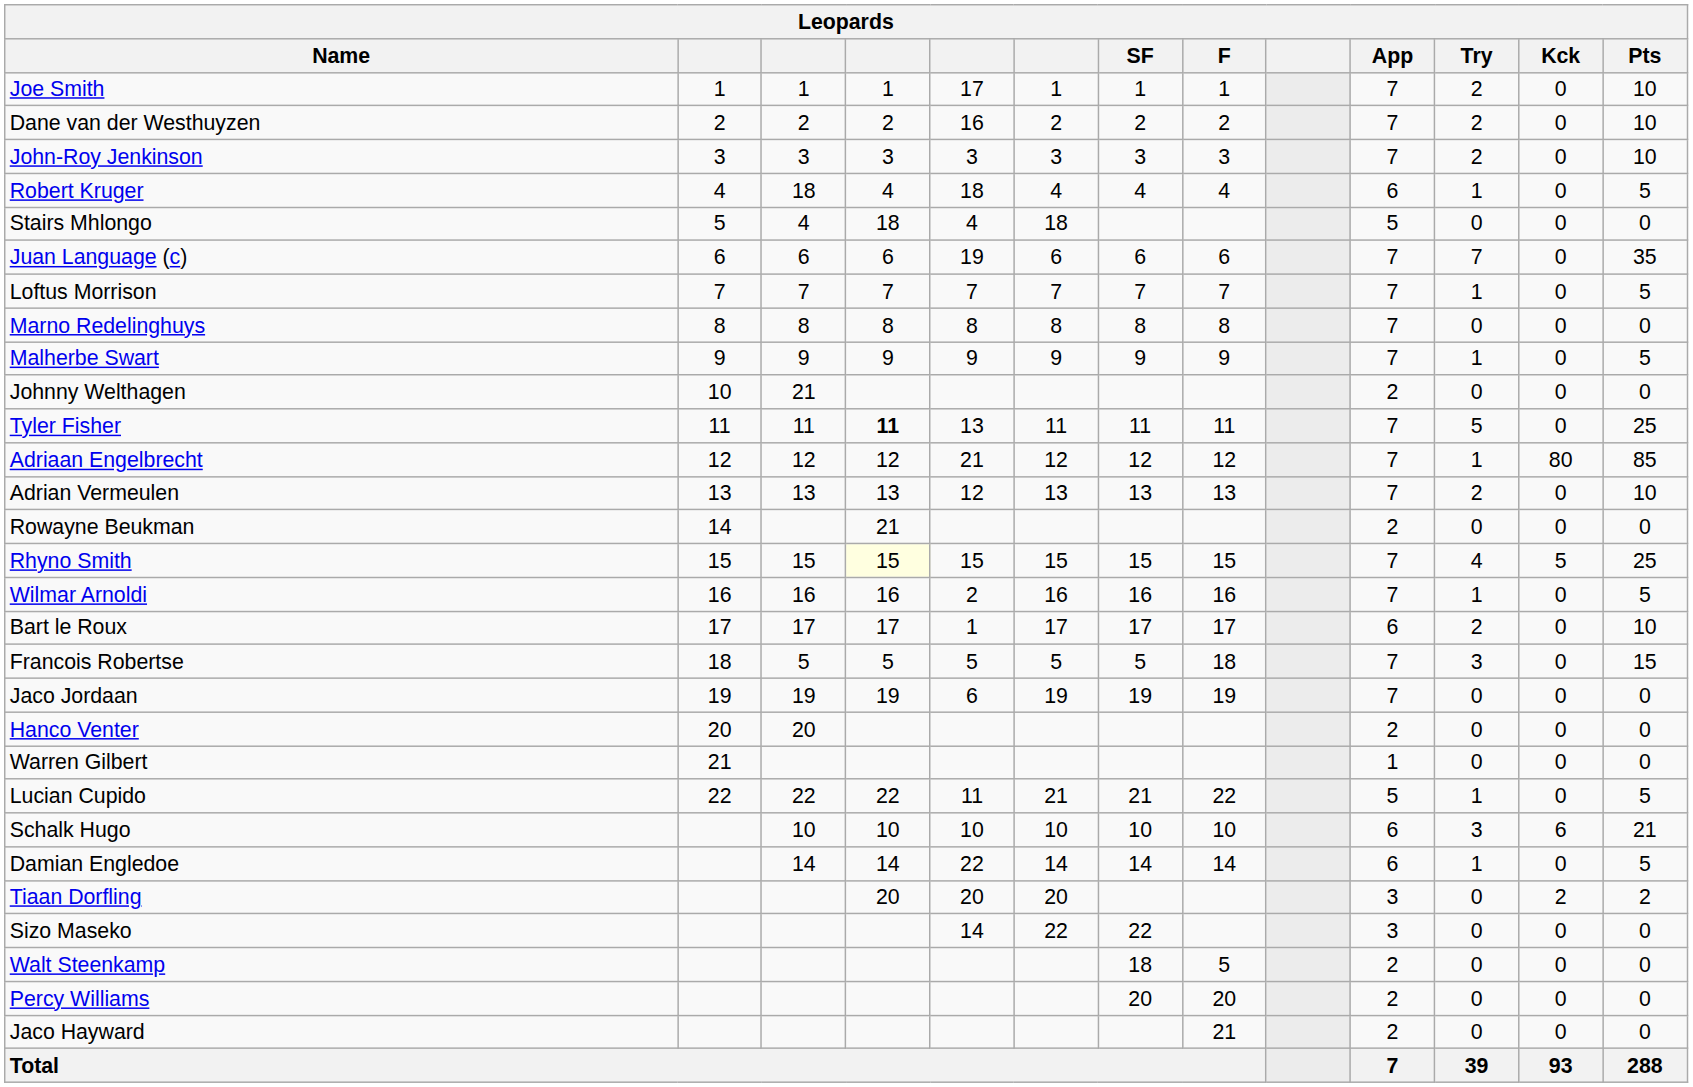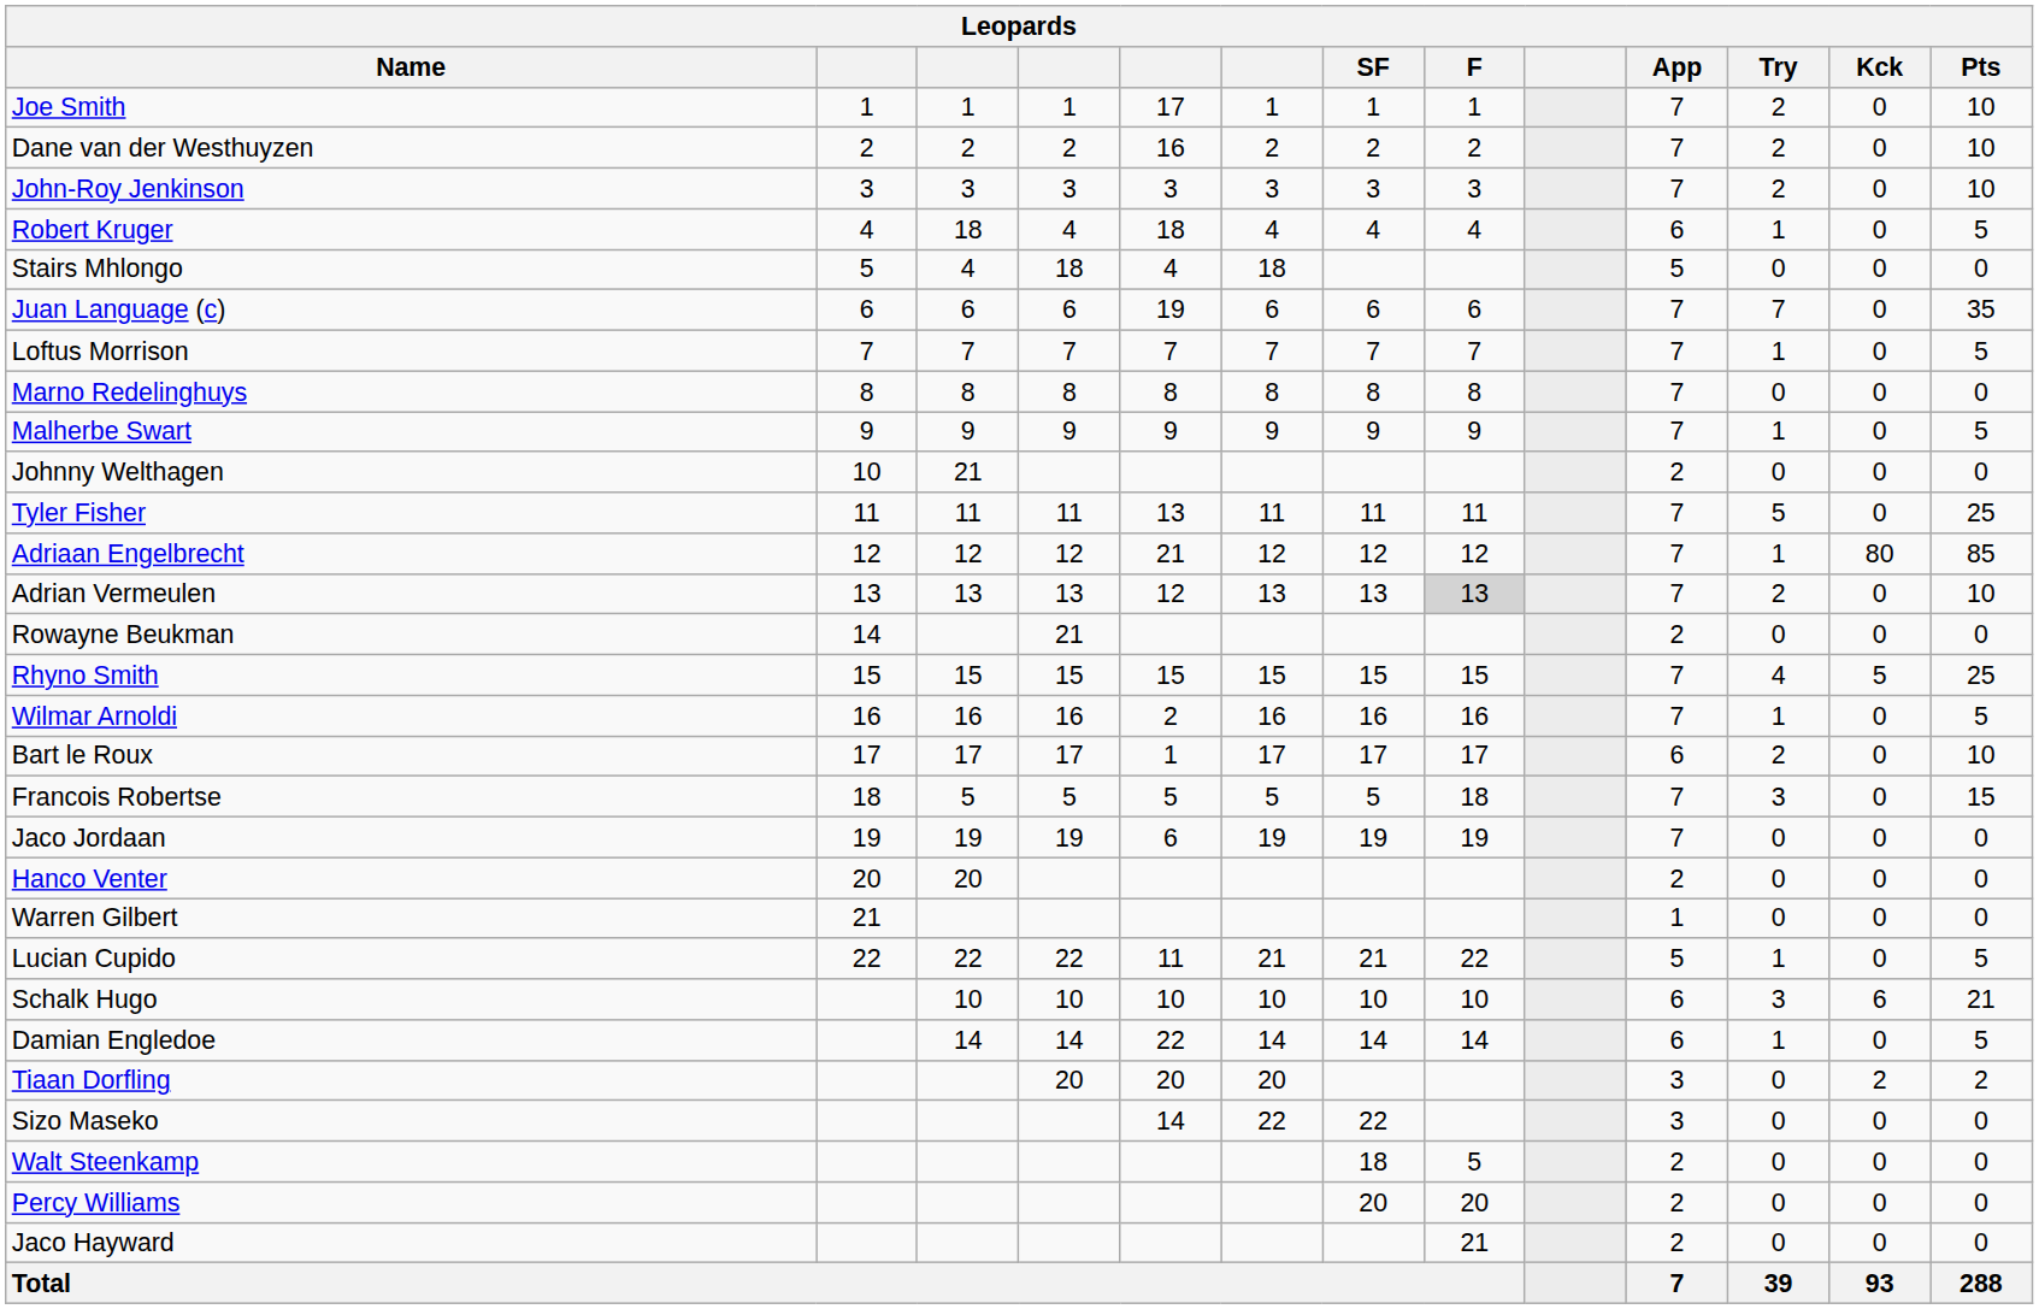 <table class="wikitable collapsible collapsed sortable" style="text-align:center; font-size:90%; width:90%">
 <tr>
 <th colspan="100%">Leopards</th>
 </tr>
 <tr>
 <th style="width:40%;">Name</th>
 <th style="width:5%;"></th>
 <th style="width:5%;"></th>
 <th style="width:5%;"></th>
 <th style="width:5%;"></th>
 <th style="width:5%;"></th>
 <th style="width:5%;">SF</th>
 <th style="width:5%;">F</th>
 <th style="width:5%;"></th>
 <th style="width:5%;">App</th>
 <th style="width:5%;">Try</th>
 <th style="width:5%;">Kck</th>
 <th style="width:5%;">Pts</th>
 </tr>
 <tr>
 <td style="text-align:left;"><a href='#'>Joe Smith</a></td>
 <td>1</td>
 <td>1</td>
 <td>1</td>
 <td>17 </td>
 <td>1</td>
 <td>1</td>
 <td>1</td>
 <td style="background:#ECECEC;"></td>
 <td>7</td>
 <td>2</td>
 <td>0</td>
 <td>10</td>
 </tr>
 <tr>
 <td style="text-align:left;">Dane van der Westhuyzen</td>
 <td>2</td>
 <td>2</td>
 <td>2</td>
 <td>16 </td>
 <td>2</td>
 <td>2</td>
 <td>2</td>
 <td style="background:#ECECEC;"></td>
 <td>7</td>
 <td>2</td>
 <td>0</td>
 <td>10</td>
 </tr>
 <tr>
 <td style="text-align:left;"><a href='#'>John-Roy Jenkinson</a></td>
 <td>3</td>
 <td>3</td>
 <td>3</td>
 <td>3</td>
 <td>3</td>
 <td>3</td>
 <td>3</td>
 <td style="background:#ECECEC;"></td>
 <td>7</td>
 <td>2</td>
 <td>0</td>
 <td>10</td>
 </tr>
 <tr>
 <td style="text-align:left;"><a href='#'>Robert Kruger</a></td>
 <td>4</td>
 <td>18</td>
 <td>4</td>
 <td>18 </td>
 <td>4</td>
 <td>4</td>
 <td>4</td>
 <td style="background:#ECECEC;"></td>
 <td>6</td>
 <td>1</td>
 <td>0</td>
 <td>5</td>
 </tr>
 <tr>
 <td style="text-align:left;">Stairs Mhlongo</td>
 <td>5</td>
 <td>4</td>
 <td>18 </td>
 <td>4</td>
 <td>18 </td>
 <td></td>
 <td></td>
 <td style="background:#ECECEC;"></td>
 <td>5</td>
 <td>0</td>
 <td>0</td>
 <td>0</td>
 </tr>
 <tr>
 <td style="text-align:left;"><a href='#'>Juan Language</a> (<a href='#'>c</a>)</td>
 <td>6</td>
 <td>6</td>
 <td>6</td>
 <td>19 </td>
 <td>6</td>
 <td>6</td>
 <td>6</td>
 <td style="background:#ECECEC;"></td>
 <td>7</td>
 <td>7</td>
 <td>0</td>
 <td>35</td>
 </tr>
 <tr>
 <td style="text-align:left;">Loftus Morrison</td>
 <td>7</td>
 <td>7</td>
 <td>7</td>
 <td>7</td>
 <td>7</td>
 <td>7</td>
 <td>7</td>
 <td style="background:#ECECEC;"></td>
 <td>7</td>
 <td>1</td>
 <td>0</td>
 <td>5</td>
 </tr>
 <tr>
 <td style="text-align:left;"><a href='#'>Marno Redelinghuys</a></td>
 <td>8</td>
 <td>8</td>
 <td>8</td>
 <td>8</td>
 <td>8</td>
 <td>8</td>
 <td>8</td>
 <td style="background:#ECECEC;"></td>
 <td>7</td>
 <td>0</td>
 <td>0</td>
 <td>0</td>
 </tr>
 <tr>
 <td style="text-align:left;"><a href='#'>Malherbe Swart</a></td>
 <td>9</td>
 <td>9</td>
 <td>9</td>
 <td>9</td>
 <td>9</td>
 <td>9</td>
 <td>9</td>
 <td style="background:#ECECEC;"></td>
 <td>7</td>
 <td>1</td>
 <td>0</td>
 <td>5</td>
 </tr>
 <tr>
 <td style="text-align:left;">Johnny Welthagen</td>
 <td>10</td>
 <td>21 </td>
 <td></td>
 <td></td>
 <td></td>
 <td></td>
 <td></td>
 <td style="background:#ECECEC;"></td>
 <td>2</td>
 <td>0</td>
 <td>0</td>
 <td>0</td>
 </tr>
 <tr>
 <td style="text-align:left;"><a href='#'>Tyler Fisher</a></td>
 <td>11</td>
 <td>11</td>
-<td><strong>11</strong></td>
+<td>11</td>
 <td>13</td>
 <td>11</td>
 <td>11</td>
 <td>11</td>
 <td style="background:#ECECEC;"></td>
 <td>7</td>
 <td>5</td>
 <td>0</td>
 <td>25</td>
 </tr>
 <tr>
 <td style="text-align:left;"><a href='#'>Adriaan Engelbrecht</a></td>
 <td>12</td>
 <td>12</td>
 <td>12</td>
 <td>21</td>
 <td>12</td>
 <td>12</td>
 <td>12</td>
 <td style="background:#ECECEC;"></td>
 <td>7</td>
 <td>1</td>
 <td>80</td>
 <td>85</td>
 </tr>
 <tr>
 <td style="text-align:left;">Adrian Vermeulen</td>
 <td>13</td>
 <td>13</td>
 <td>13</td>
 <td>12</td>
 <td>13</td>
 <td>13</td>
-<td>13</td>
+<td style="background: lightgrey;">13</td>
 <td style="background:#ECECEC;"></td>
 <td>7</td>
 <td>2</td>
 <td>0</td>
 <td>10</td>
 </tr>
 <tr>
 <td style="text-align:left;">Rowayne Beukman</td>
 <td>14</td>
 <td></td>
 <td>21 </td>
 <td></td>
 <td></td>
 <td></td>
 <td></td>
 <td style="background:#ECECEC;"></td>
 <td>2</td>
 <td>0</td>
 <td>0</td>
 <td>0</td>
 </tr>
 <tr>
 <td style="text-align:left;"><a href='#'>Rhyno Smith</a></td>
 <td>15</td>
 <td>15</td>
-<td style="background: lightyellow;">15</td>
+<td>15</td>
 <td>15</td>
 <td>15</td>
 <td>15</td>
 <td>15</td>
 <td style="background:#ECECEC;"></td>
 <td>7</td>
 <td>4</td>
 <td>5</td>
 <td>25</td>
 </tr>
 <tr>
 <td style="text-align:left;"><a href='#'>Wilmar Arnoldi</a></td>
 <td>16 </td>
 <td>16 </td>
 <td>16 </td>
 <td>2</td>
 <td>16 </td>
 <td>16 </td>
 <td>16 </td>
 <td style="background:#ECECEC;"></td>
 <td>7</td>
 <td>1</td>
 <td>0</td>
 <td>5</td>
 </tr>
 <tr>
 <td style="text-align:left;">Bart le Roux</td>
 <td>17 </td>
 <td>17 </td>
 <td>17 </td>
 <td>1</td>
 <td>17 </td>
 <td>17</td>
 <td>17 </td>
 <td style="background:#ECECEC;"></td>
 <td>6</td>
 <td>2</td>
 <td>0</td>
 <td>10</td>
 </tr>
 <tr>
 <td style="text-align:left;">Francois Robertse</td>
 <td>18 </td>
 <td>5</td>
 <td>5</td>
 <td>5</td>
 <td>5</td>
 <td>5</td>
 <td>18 </td>
 <td style="background:#ECECEC;"></td>
 <td>7</td>
 <td>3</td>
 <td>0</td>
 <td>15</td>
 </tr>
 <tr>
 <td style="text-align:left;">Jaco Jordaan</td>
 <td>19 </td>
 <td>19 </td>
 <td>19 </td>
 <td>6</td>
 <td>19 </td>
 <td>19 </td>
 <td>19 </td>
 <td style="background:#ECECEC;"></td>
 <td>7</td>
 <td>0</td>
 <td>0</td>
 <td>0</td>
 </tr>
 <tr>
 <td style="text-align:left;"><a href='#'>Hanco Venter</a></td>
 <td>20 </td>
 <td>20 </td>
 <td></td>
 <td></td>
 <td></td>
 <td></td>
 <td></td>
 <td style="background:#ECECEC;"></td>
 <td>2</td>
 <td>0</td>
 <td>0</td>
 <td>0</td>
 </tr>
 <tr>
 <td style="text-align:left;">Warren Gilbert</td>
 <td>21 </td>
 <td></td>
 <td></td>
 <td></td>
 <td></td>
 <td></td>
 <td></td>
 <td style="background:#ECECEC;"></td>
 <td>1</td>
 <td>0</td>
 <td>0</td>
 <td>0</td>
 </tr>
 <tr>
 <td style="text-align:left;">Lucian Cupido</td>
 <td>22 </td>
 <td>22 </td>
 <td>22 </td>
 <td>11</td>
 <td>21 </td>
 <td>21</td>
 <td>22</td>
 <td style="background:#ECECEC;"></td>
 <td>5</td>
 <td>1</td>
 <td>0</td>
 <td>5</td>
 </tr>
 <tr>
 <td style="text-align:left;">Schalk Hugo</td>
 <td></td>
 <td>10</td>
 <td>10</td>
 <td>10</td>
 <td>10</td>
 <td>10</td>
 <td>10</td>
 <td style="background:#ECECEC;"></td>
 <td>6</td>
 <td>3</td>
 <td>6</td>
 <td>21</td>
 </tr>
 <tr>
 <td style="text-align:left;">Damian Engledoe</td>
 <td></td>
 <td>14</td>
 <td>14</td>
 <td>22 </td>
 <td>14</td>
 <td>14</td>
 <td>14</td>
 <td style="background:#ECECEC;"></td>
 <td>6</td>
 <td>1</td>
 <td>0</td>
 <td>5</td>
 </tr>
 <tr>
 <td style="text-align:left;"><a href='#'>Tiaan Dorfling</a></td>
 <td></td>
 <td></td>
 <td>20 </td>
 <td>20 </td>
 <td>20 </td>
 <td></td>
 <td></td>
 <td style="background:#ECECEC;"></td>
 <td>3</td>
 <td>0</td>
 <td>2</td>
 <td>2</td>
 </tr>
 <tr>
 <td style="text-align:left;">Sizo Maseko</td>
 <td></td>
 <td></td>
 <td></td>
 <td>14</td>
 <td>22 </td>
 <td>22 </td>
 <td></td>
 <td style="background:#ECECEC;"></td>
 <td>3</td>
 <td>0</td>
 <td>0</td>
 <td>0</td>
 </tr>
 <tr>
 <td style="text-align:left;"><a href='#'>Walt Steenkamp</a></td>
 <td></td>
 <td></td>
 <td></td>
 <td></td>
 <td></td>
 <td>18 </td>
 <td>5</td>
 <td style="background:#ECECEC;"></td>
 <td>2</td>
 <td>0</td>
 <td>0</td>
 <td>0</td>
 </tr>
 <tr>
 <td style="text-align:left;"><a href='#'>Percy Williams</a></td>
 <td></td>
 <td></td>
 <td></td>
 <td></td>
 <td></td>
 <td>20 </td>
 <td>20 </td>
 <td style="background:#ECECEC;"></td>
 <td>2</td>
 <td>0</td>
 <td>0</td>
 <td>0</td>
 </tr>
 <tr>
 <td style="text-align:left;">Jaco Hayward</td>
 <td></td>
 <td></td>
 <td></td>
 <td></td>
 <td></td>
 <td></td>
 <td>21 </td>
 <td style="background:#ECECEC;"></td>
 <td>2</td>
 <td>0</td>
 <td>0</td>
 <td>0</td>
 </tr>
 <tr>
 <th colspan="8" style="text-align:left;">Total</th>
 <th style="background:#ECECEC;"></th>
 <th>7</th>
 <th>39</th>
 <th>93</th>
 <th>288</th>
 </tr>
 </table>
